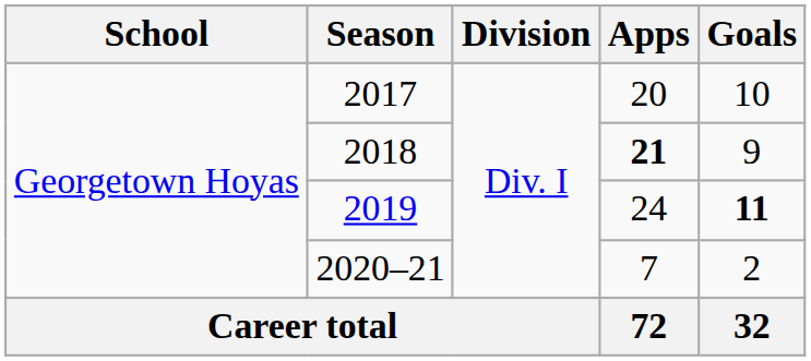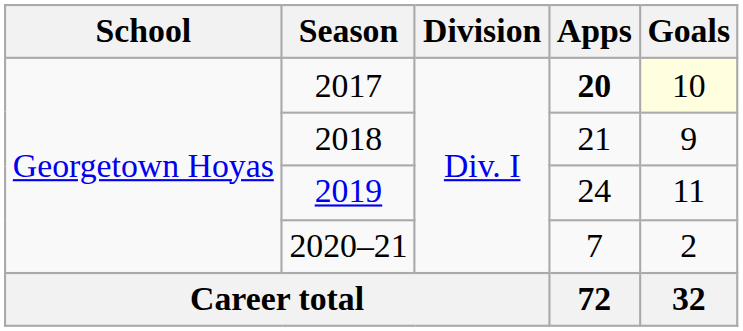 <table class="wikitable" style="text-align: center;">
 <tr>
 <th>School</th>
 <th>Season</th>
 <th>Division</th>
 <th>Apps</th>
 <th>Goals</th>
 </tr>
 <tr>
 <td rowspan="4"><a href='#'>Georgetown Hoyas</a></td>
 <td>2017</td>
 <td rowspan="4"><a href='#'>Div. I</a></td>
-<td>20</td>
-<td>10</td>
+<td><strong>20</strong></td>
+<td style="background: lightyellow;">10</td>
 </tr>
 <tr>
 <td>2018</td>
-<td><strong>21</strong></td>
+<td>21</td>
 <td>9</td>
 </tr>
 <tr>
 <td><a href='#'>2019</a></td>
 <td>24</td>
-<td><strong>11</strong></td>
+<td>11</td>
 </tr>
 <tr>
 <td>2020–21</td>
 <td>7</td>
 <td>2</td>
 </tr>
 <tr>
 <th colspan="3">Career total</th>
 <th>72</th>
 <th>32</th>
 </tr>
 </table>
